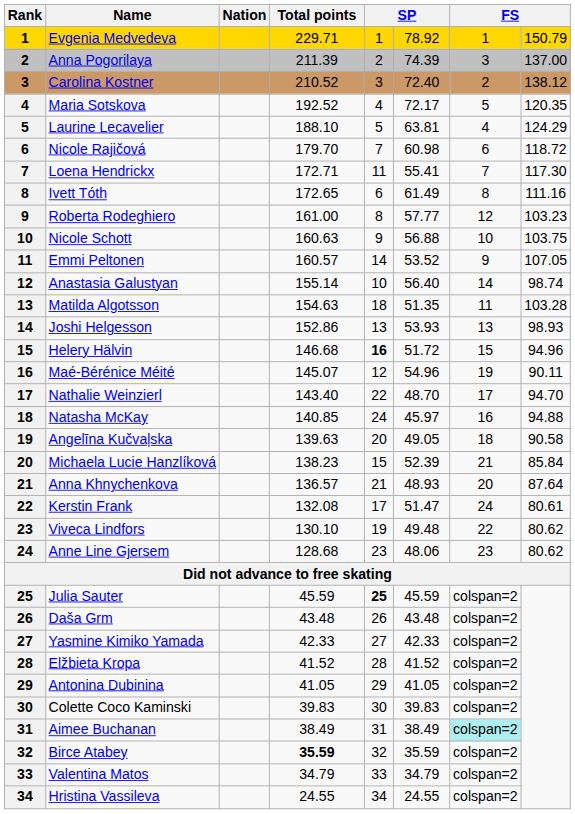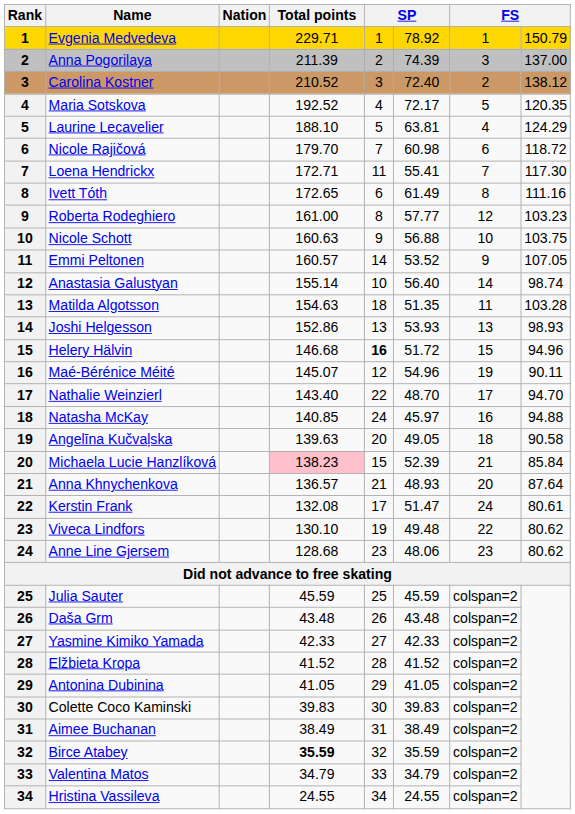 <table class="wikitable sortable">
 <tr>
 <th>Rank</th>
 <th>Name</th>
 <th>Nation</th>
 <th width="100px">Total points</th>
 <th colspan="2" width="90px"><a href='#'>SP</a></th>
 <th colspan="2" width="90px"><a href='#'>FS</a></th>
 </tr>
 <tr bgcolor="gold">
 <td align="center" bgcolor="gold"><strong>1</strong></td>
 <td><a href='#'>Evgenia Medvedeva</a></td>
 <td></td>
 <td align="center">229.71</td>
 <td align="center">1</td>
 <td align="center">78.92</td>
 <td align="center">1</td>
 <td align="center">150.79</td>
 </tr>
 <tr bgcolor="silver">
 <td align="center" bgcolor="silver"><strong>2</strong></td>
 <td><a href='#'>Anna Pogorilaya</a></td>
 <td></td>
 <td align="center">211.39</td>
 <td align="center">2</td>
 <td align="center">74.39</td>
 <td align="center">3</td>
 <td align="center">137.00</td>
 </tr>
 <tr bgcolor="#cc9966">
 <td align="center" bgcolor="#cc9966"><strong>3</strong></td>
 <td><a href='#'>Carolina Kostner</a></td>
 <td></td>
 <td align="center">210.52</td>
 <td align="center">3</td>
 <td align="center">72.40</td>
 <td align="center">2</td>
 <td align="center">138.12</td>
 </tr>
 <tr>
 <th>4</th>
 <td><a href='#'>Maria Sotskova</a></td>
 <td></td>
 <td align="center">192.52</td>
 <td align="center">4</td>
 <td align="center">72.17</td>
 <td align="center">5</td>
 <td align="center">120.35</td>
 </tr>
 <tr>
 <th>5</th>
 <td><a href='#'>Laurine Lecavelier</a></td>
 <td></td>
 <td align="center">188.10</td>
 <td align="center">5</td>
 <td align="center">63.81</td>
 <td align="center">4</td>
 <td align="center">124.29</td>
 </tr>
 <tr>
 <th>6</th>
 <td><a href='#'>Nicole Rajičová</a></td>
 <td></td>
 <td align="center">179.70</td>
 <td align="center">7</td>
 <td align="center">60.98</td>
 <td align="center">6</td>
 <td align="center">118.72</td>
 </tr>
 <tr>
 <th>7</th>
 <td><a href='#'>Loena Hendrickx</a></td>
 <td></td>
 <td align="center">172.71</td>
 <td align="center">11</td>
 <td align="center">55.41</td>
 <td align="center">7</td>
 <td align="center">117.30</td>
 </tr>
 <tr>
 <th>8</th>
 <td><a href='#'>Ivett Tóth</a></td>
 <td></td>
 <td align="center">172.65</td>
 <td align="center">6</td>
 <td align="center">61.49</td>
 <td align="center">8</td>
 <td align="center">111.16</td>
 </tr>
 <tr>
 <th>9</th>
 <td><a href='#'>Roberta Rodeghiero</a></td>
 <td></td>
 <td align="center">161.00</td>
 <td align="center">8</td>
 <td align="center">57.77</td>
 <td align="center">12</td>
 <td align="center">103.23</td>
 </tr>
 <tr>
 <th>10</th>
 <td><a href='#'>Nicole Schott</a></td>
 <td></td>
 <td align="center">160.63</td>
 <td align="center">9</td>
 <td align="center">56.88</td>
 <td align="center">10</td>
 <td align="center">103.75</td>
 </tr>
 <tr>
 <th>11</th>
 <td><a href='#'>Emmi Peltonen</a></td>
 <td></td>
 <td align="center">160.57</td>
 <td align="center">14</td>
 <td align="center">53.52</td>
 <td align="center">9</td>
 <td align="center">107.05</td>
 </tr>
 <tr>
 <th>12</th>
 <td><a href='#'>Anastasia Galustyan</a></td>
 <td></td>
 <td align="center">155.14</td>
 <td align="center">10</td>
 <td align="center">56.40</td>
 <td align="center">14</td>
 <td align="center">98.74</td>
 </tr>
 <tr>
 <th>13</th>
 <td><a href='#'>Matilda Algotsson</a></td>
 <td></td>
 <td align="center">154.63</td>
 <td align="center">18</td>
 <td align="center">51.35</td>
 <td align="center">11</td>
 <td align="center">103.28</td>
 </tr>
 <tr>
 <th>14</th>
 <td><a href='#'>Joshi Helgesson</a></td>
 <td></td>
 <td align="center">152.86</td>
 <td align="center">13</td>
 <td align="center">53.93</td>
 <td align="center">13</td>
 <td align="center">98.93</td>
 </tr>
 <tr>
 <th>15</th>
 <td><a href='#'>Helery Hälvin</a></td>
 <td></td>
 <td align="center">146.68</td>
 <td align="center"><strong>16</strong></td>
 <td align="center">51.72</td>
 <td align="center">15</td>
 <td align="center">94.96</td>
 </tr>
 <tr>
 <th>16</th>
 <td><a href='#'>Maé-Bérénice Méité</a></td>
 <td></td>
 <td align="center">145.07</td>
 <td align="center">12</td>
 <td align="center">54.96</td>
 <td align="center">19</td>
 <td align="center">90.11</td>
 </tr>
 <tr>
 <th>17</th>
 <td><a href='#'>Nathalie Weinzierl</a></td>
 <td></td>
 <td align="center">143.40</td>
 <td align="center">22</td>
 <td align="center">48.70</td>
 <td align="center">17</td>
 <td align="center">94.70</td>
 </tr>
 <tr>
 <th>18</th>
 <td><a href='#'>Natasha McKay</a></td>
 <td></td>
 <td align="center">140.85</td>
 <td align="center">24</td>
 <td align="center">45.97</td>
 <td align="center">16</td>
 <td align="center">94.88</td>
 </tr>
 <tr>
 <th>19</th>
 <td><a href='#'>Angelīna Kučvaļska</a></td>
 <td></td>
 <td align="center">139.63</td>
 <td align="center">20</td>
 <td align="center">49.05</td>
 <td align="center">18</td>
 <td align="center">90.58</td>
 </tr>
 <tr>
 <th>20</th>
 <td><a href='#'>Michaela Lucie Hanzlíková</a></td>
 <td></td>
-<td align="center">138.23</td>
+<td align="center" style="background: pink;">138.23</td>
 <td align="center">15</td>
 <td align="center">52.39</td>
 <td align="center">21</td>
 <td align="center">85.84</td>
 </tr>
 <tr>
 <th>21</th>
 <td><a href='#'>Anna Khnychenkova</a></td>
 <td></td>
 <td align="center">136.57</td>
 <td align="center">21</td>
 <td align="center">48.93</td>
 <td align="center">20</td>
 <td align="center">87.64</td>
 </tr>
 <tr>
 <th>22</th>
 <td><a href='#'>Kerstin Frank</a></td>
 <td></td>
 <td align="center">132.08</td>
 <td align="center">17</td>
 <td align="center">51.47</td>
 <td align="center">24</td>
 <td align="center">80.61</td>
 </tr>
 <tr>
 <th>23</th>
 <td><a href='#'>Viveca Lindfors</a></td>
 <td></td>
 <td align="center">130.10</td>
 <td align="center">19</td>
 <td align="center">49.48</td>
 <td align="center">22</td>
 <td align="center">80.62</td>
 </tr>
 <tr>
 <th>24</th>
 <td><a href='#'>Anne Line Gjersem</a></td>
 <td></td>
 <td align="center">128.68</td>
 <td align="center">23</td>
 <td align="center">48.06</td>
 <td align="center">23</td>
 <td align="center">80.62</td>
 </tr>
 <tr>
 <th colspan=8>Did not advance to free skating</th>
 </tr>
 <tr>
 <th>25</th>
 <td><a href='#'>Julia Sauter</a></td>
 <td></td>
 <td align="center">45.59</td>
-<td align="center"><strong>25</strong></td>
+<td align="center">25</td>
 <td align="center">45.59</td>
 <td>colspan=2 </td>
 </tr>
 <tr>
 <th>26</th>
 <td><a href='#'>Daša Grm</a></td>
 <td></td>
 <td align="center">43.48</td>
 <td align="center">26</td>
 <td align="center">43.48</td>
 <td>colspan=2 </td>
 </tr>
 <tr>
 <th>27</th>
 <td><a href='#'>Yasmine Kimiko Yamada</a></td>
 <td></td>
 <td align="center">42.33</td>
 <td align="center">27</td>
 <td align="center">42.33</td>
 <td>colspan=2 </td>
 </tr>
 <tr>
 <th>28</th>
 <td><a href='#'>Elžbieta Kropa</a></td>
 <td></td>
 <td align="center">41.52</td>
 <td align="center">28</td>
 <td align="center">41.52</td>
 <td>colspan=2 </td>
 </tr>
 <tr>
 <th>29</th>
 <td><a href='#'>Antonina Dubinina</a></td>
 <td></td>
 <td align="center">41.05</td>
 <td align="center">29</td>
 <td align="center">41.05</td>
 <td>colspan=2 </td>
 </tr>
 <tr>
 <th>30</th>
 <td>Colette Coco Kaminski</td>
 <td></td>
 <td align="center">39.83</td>
 <td align="center">30</td>
 <td align="center">39.83</td>
 <td>colspan=2 </td>
 </tr>
 <tr>
 <th>31</th>
 <td><a href='#'>Aimee Buchanan</a></td>
 <td></td>
 <td align="center">38.49</td>
 <td align="center">31</td>
 <td align="center">38.49</td>
-<td style="background: paleturquoise;">colspan=2 </td>
+<td>colspan=2 </td>
 </tr>
 <tr>
 <th>32</th>
 <td><a href='#'>Birce Atabey</a></td>
 <td></td>
 <td align="center"><strong>35.59</strong></td>
 <td align="center">32</td>
 <td align="center">35.59</td>
 <td>colspan=2 </td>
 </tr>
 <tr>
 <th>33</th>
 <td><a href='#'>Valentina Matos</a></td>
 <td></td>
 <td align="center">34.79</td>
 <td align="center">33</td>
 <td align="center">34.79</td>
 <td>colspan=2 </td>
 </tr>
 <tr>
 <th>34</th>
 <td><a href='#'>Hristina Vassileva</a></td>
 <td></td>
 <td align="center">24.55</td>
 <td align="center">34</td>
 <td align="center">24.55</td>
 <td>colspan=2 </td>
 </tr>
 </table>
